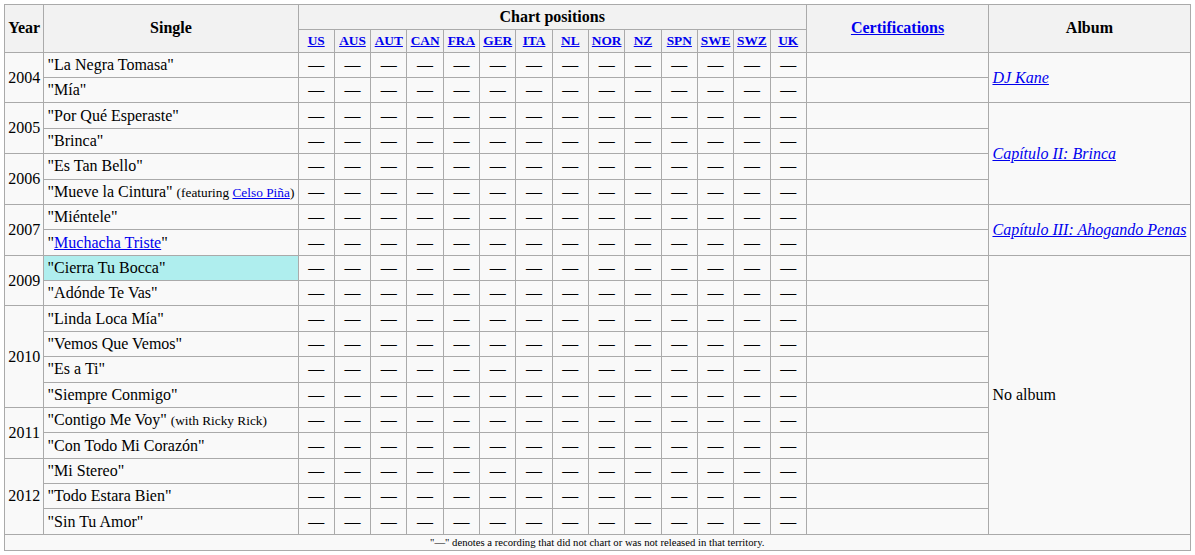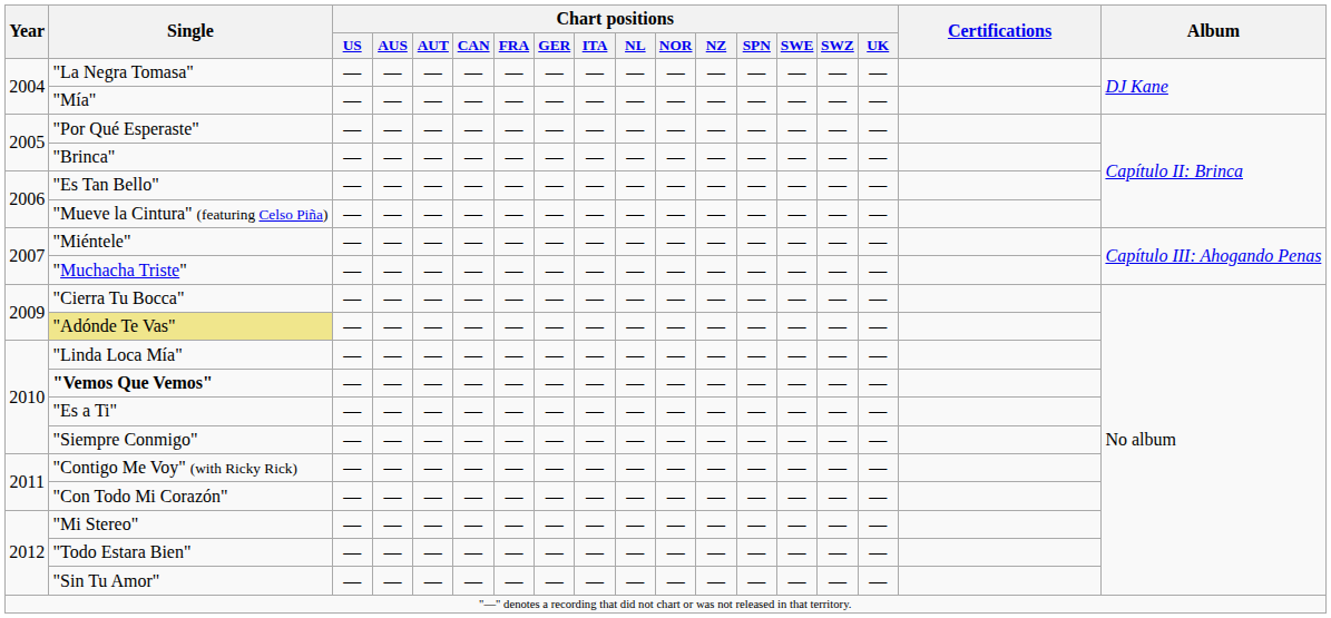 <table class="wikitable" style="text-align:center;">
 <tr>
 <th rowspan="2">Year</th>
 <th rowspan="2">Single</th>
 <th colspan="14">Chart positions</th>
 <th rowspan="2" style="width:175px;"><a href='#'>Certifications</a></th>
 <th rowspan="2">Album</th>
 </tr>
 <tr style="font-size:smaller;">
 <th width="30"><a href='#'>US</a></th>
 <th width="30"><a href='#'>AUS</a></th>
 <th width="30"><a href='#'>AUT</a></th>
 <th width="30"><a href='#'>CAN</a></th>
 <th width="30"><a href='#'>FRA</a></th>
 <th width="30"><a href='#'>GER</a></th>
 <th width="30"><a href='#'>ITA</a></th>
 <th width="30"><a href='#'>NL</a></th>
 <th width="30"><a href='#'>NOR</a></th>
 <th width="30"><a href='#'>NZ</a></th>
 <th width="30"><a href='#'>SPN</a></th>
 <th width="30"><a href='#'>SWE</a></th>
 <th width="30"><a href='#'>SWZ</a></th>
 <th width="30"><a href='#'>UK</a></th>
 </tr>
 <tr>
 <td align="center" rowspan="2">2004</td>
 <td align="left">"La Negra Tomasa"</td>
 <td align="center">—</td>
 <td align="center">—</td>
 <td align="center">—</td>
 <td align="center">—</td>
 <td align="center">—</td>
 <td align="center">—</td>
 <td align="center">—</td>
 <td align="center">—</td>
 <td align="center">—</td>
 <td align="center">—</td>
 <td align="center">—</td>
 <td align="center">—</td>
 <td align="center">—</td>
 <td align="center">—</td>
 <td></td>
 <td align="left" rowspan="2"><em><a href='#'>DJ Kane</a></em></td>
 </tr>
 <tr>
 <td align="left">"Mía"</td>
 <td align="center">—</td>
 <td align="center">—</td>
 <td align="center">—</td>
 <td align="center">—</td>
 <td align="center">—</td>
 <td align="center">—</td>
 <td align="center">—</td>
 <td align="center">—</td>
 <td align="center">—</td>
 <td align="center">—</td>
 <td align="center">—</td>
 <td align="center">—</td>
 <td align="center">—</td>
 <td align="center">—</td>
 <td></td>
 </tr>
 <tr>
 <td align="center" rowspan="2">2005</td>
 <td align="left">"Por Qué Esperaste"</td>
 <td align="center">—</td>
 <td align="center">—</td>
 <td align="center">—</td>
 <td align="center">—</td>
 <td align="center">—</td>
 <td align="center">—</td>
 <td align="center">—</td>
 <td align="center">—</td>
 <td align="center">—</td>
 <td align="center">—</td>
 <td align="center">—</td>
 <td align="center">—</td>
 <td align="center">—</td>
 <td align="center">—</td>
 <td></td>
 <td align="left" rowspan="4"><em><a href='#'>Capítulo II: Brinca</a></em></td>
 </tr>
 <tr>
 <td align="left">"Brinca"</td>
 <td align="center">—</td>
 <td align="center">—</td>
 <td align="center">—</td>
 <td align="center">—</td>
 <td align="center">—</td>
 <td align="center">—</td>
 <td align="center">—</td>
 <td align="center">—</td>
 <td align="center">—</td>
 <td align="center">—</td>
 <td align="center">—</td>
 <td align="center">—</td>
 <td align="center">—</td>
 <td align="center">—</td>
 <td></td>
 </tr>
 <tr>
 <td align="center" rowspan="2">2006</td>
 <td align="left">"Es Tan Bello"</td>
 <td align="center">—</td>
 <td align="center">—</td>
 <td align="center">—</td>
 <td align="center">—</td>
 <td align="center">—</td>
 <td align="center">—</td>
 <td align="center">—</td>
 <td align="center">—</td>
 <td align="center">—</td>
 <td align="center">—</td>
 <td align="center">—</td>
 <td align="center">—</td>
 <td align="center">—</td>
 <td align="center">—</td>
 <td></td>
 </tr>
 <tr>
 <td align="left">"Mueve la Cintura" <small>(featuring <a href='#'>Celso Piña</a>)</small></td>
 <td align="center">—</td>
 <td align="center">—</td>
 <td align="center">—</td>
 <td align="center">—</td>
 <td align="center">—</td>
 <td align="center">—</td>
 <td align="center">—</td>
 <td align="center">—</td>
 <td align="center">—</td>
 <td align="center">—</td>
 <td align="center">—</td>
 <td align="center">—</td>
 <td align="center">—</td>
 <td align="center">—</td>
 <td></td>
 </tr>
 <tr>
 <td align="center" rowspan="2">2007</td>
 <td align="left">"Miéntele"</td>
 <td align="center">—</td>
 <td align="center">—</td>
 <td align="center">—</td>
 <td align="center">—</td>
 <td align="center">—</td>
 <td align="center">—</td>
 <td align="center">—</td>
 <td align="center">—</td>
 <td align="center">—</td>
 <td align="center">—</td>
 <td align="center">—</td>
 <td align="center">—</td>
 <td align="center">—</td>
 <td align="center">—</td>
 <td></td>
 <td align="left" rowspan="2"><em><a href='#'>Capítulo III: Ahogando Penas</a></em></td>
 </tr>
 <tr>
 <td align="left">"<a href='#'>Muchacha Triste</a>"</td>
 <td align="center">—</td>
 <td align="center">—</td>
 <td align="center">—</td>
 <td align="center">—</td>
 <td align="center">—</td>
 <td align="center">—</td>
 <td align="center">—</td>
 <td align="center">—</td>
 <td align="center">—</td>
 <td align="center">—</td>
 <td align="center">—</td>
 <td align="center">—</td>
 <td align="center">—</td>
 <td align="center">—</td>
 <td></td>
 </tr>
 <tr>
 <td align="center" rowspan="2">2009</td>
-<td align="left" style="background: paleturquoise;">"Cierra Tu Bocca"</td>
+<td align="left">"Cierra Tu Bocca"</td>
 <td align="center">—</td>
 <td align="center">—</td>
 <td align="center">—</td>
 <td align="center">—</td>
 <td align="center">—</td>
 <td align="center">—</td>
 <td align="center">—</td>
 <td align="center">—</td>
 <td align="center">—</td>
 <td align="center">—</td>
 <td align="center">—</td>
 <td align="center">—</td>
 <td align="center">—</td>
 <td align="center">—</td>
 <td></td>
 <td align="left" rowspan="11">No album</td>
 </tr>
 <tr>
-<td align="left">"Adónde Te Vas"</td>
+<td align="left" style="background: khaki;">"Adónde Te Vas"</td>
 <td align="center">—</td>
 <td align="center">—</td>
 <td align="center">—</td>
 <td align="center">—</td>
 <td align="center">—</td>
 <td align="center">—</td>
 <td align="center">—</td>
 <td align="center">—</td>
 <td align="center">—</td>
 <td align="center">—</td>
 <td align="center">—</td>
 <td align="center">—</td>
 <td align="center">—</td>
 <td align="center">—</td>
 <td></td>
 </tr>
 <tr>
 <td align="center" rowspan="4">2010</td>
 <td align="left">"Linda Loca Mía"</td>
 <td align="center">—</td>
 <td align="center">—</td>
 <td align="center">—</td>
 <td align="center">—</td>
 <td align="center">—</td>
 <td align="center">—</td>
 <td align="center">—</td>
 <td align="center">—</td>
 <td align="center">—</td>
 <td align="center">—</td>
 <td align="center">—</td>
 <td align="center">—</td>
 <td align="center">—</td>
 <td align="center">—</td>
 <td></td>
 </tr>
 <tr>
-<td align="left">"Vemos Que Vemos"</td>
+<td align="left"><strong>"Vemos Que Vemos"</strong></td>
 <td align="center">—</td>
 <td align="center">—</td>
 <td align="center">—</td>
 <td align="center">—</td>
 <td align="center">—</td>
 <td align="center">—</td>
 <td align="center">—</td>
 <td align="center">—</td>
 <td align="center">—</td>
 <td align="center">—</td>
 <td align="center">—</td>
 <td align="center">—</td>
 <td align="center">—</td>
 <td align="center">—</td>
 <td></td>
 </tr>
 <tr>
 <td align="left">"Es a Ti"</td>
 <td align="center">—</td>
 <td align="center">—</td>
 <td align="center">—</td>
 <td align="center">—</td>
 <td align="center">—</td>
 <td align="center">—</td>
 <td align="center">—</td>
 <td align="center">—</td>
 <td align="center">—</td>
 <td align="center">—</td>
 <td align="center">—</td>
 <td align="center">—</td>
 <td align="center">—</td>
 <td align="center">—</td>
 <td></td>
 </tr>
 <tr>
 <td align="left">"Siempre Conmigo"</td>
 <td align="center">—</td>
 <td align="center">—</td>
 <td align="center">—</td>
 <td align="center">—</td>
 <td align="center">—</td>
 <td align="center">—</td>
 <td align="center">—</td>
 <td align="center">—</td>
 <td align="center">—</td>
 <td align="center">—</td>
 <td align="center">—</td>
 <td align="center">—</td>
 <td align="center">—</td>
 <td align="center">—</td>
 <td></td>
 </tr>
 <tr>
 <td align="center" rowspan="2">2011</td>
 <td align="left">"Contigo Me Voy" <small>(with Ricky Rick)</small></td>
 <td align="center">—</td>
 <td align="center">—</td>
 <td align="center">—</td>
 <td align="center">—</td>
 <td align="center">—</td>
 <td align="center">—</td>
 <td align="center">—</td>
 <td align="center">—</td>
 <td align="center">—</td>
 <td align="center">—</td>
 <td align="center">—</td>
 <td align="center">—</td>
 <td align="center">—</td>
 <td align="center">—</td>
 <td></td>
 </tr>
 <tr>
 <td align="left">"Con Todo Mi Corazón"</td>
 <td align="center">—</td>
 <td align="center">—</td>
 <td align="center">—</td>
 <td align="center">—</td>
 <td align="center">—</td>
 <td align="center">—</td>
 <td align="center">—</td>
 <td align="center">—</td>
 <td align="center">—</td>
 <td align="center">—</td>
 <td align="center">—</td>
 <td align="center">—</td>
 <td align="center">—</td>
 <td align="center">—</td>
 <td></td>
 </tr>
 <tr>
 <td align="center" rowspan="3">2012</td>
 <td align="left">"Mi Stereo"</td>
 <td align="center">—</td>
 <td align="center">—</td>
 <td align="center">—</td>
 <td align="center">—</td>
 <td align="center">—</td>
 <td align="center">—</td>
 <td align="center">—</td>
 <td align="center">—</td>
 <td align="center">—</td>
 <td align="center">—</td>
 <td align="center">—</td>
 <td align="center">—</td>
 <td align="center">—</td>
 <td align="center">—</td>
 <td></td>
 </tr>
 <tr>
 <td align="left">"Todo Estara Bien"</td>
 <td align="center">—</td>
 <td align="center">—</td>
 <td align="center">—</td>
 <td align="center">—</td>
 <td align="center">—</td>
 <td align="center">—</td>
 <td align="center">—</td>
 <td align="center">—</td>
 <td align="center">—</td>
 <td align="center">—</td>
 <td align="center">—</td>
 <td align="center">—</td>
 <td align="center">—</td>
 <td align="center">—</td>
 <td></td>
 </tr>
 <tr>
 <td align="left">"Sin Tu Amor"</td>
 <td align="center">—</td>
 <td align="center">—</td>
 <td align="center">—</td>
 <td align="center">—</td>
 <td align="center">—</td>
 <td align="center">—</td>
 <td align="center">—</td>
 <td align="center">—</td>
 <td align="center">—</td>
 <td align="center">—</td>
 <td align="center">—</td>
 <td align="center">—</td>
 <td align="center">—</td>
 <td align="center">—</td>
 <td></td>
 </tr>
 <tr>
 <td align="center" colspan="19" style="font-size:8pt">"—" denotes a recording that did not chart or was not released in that territory.</td>
 </tr>
 </table>
